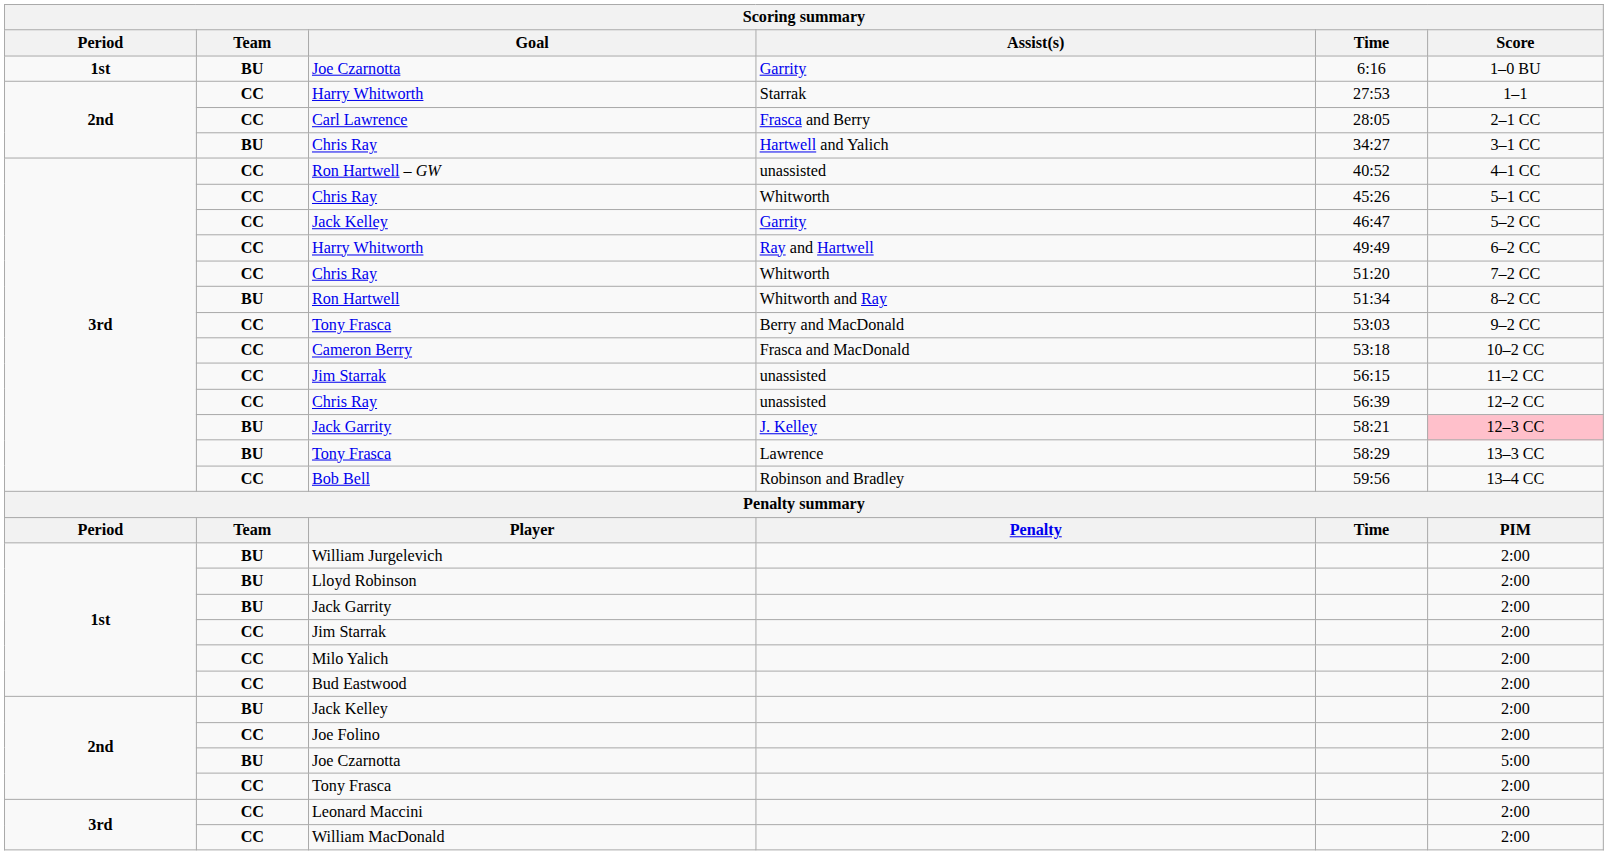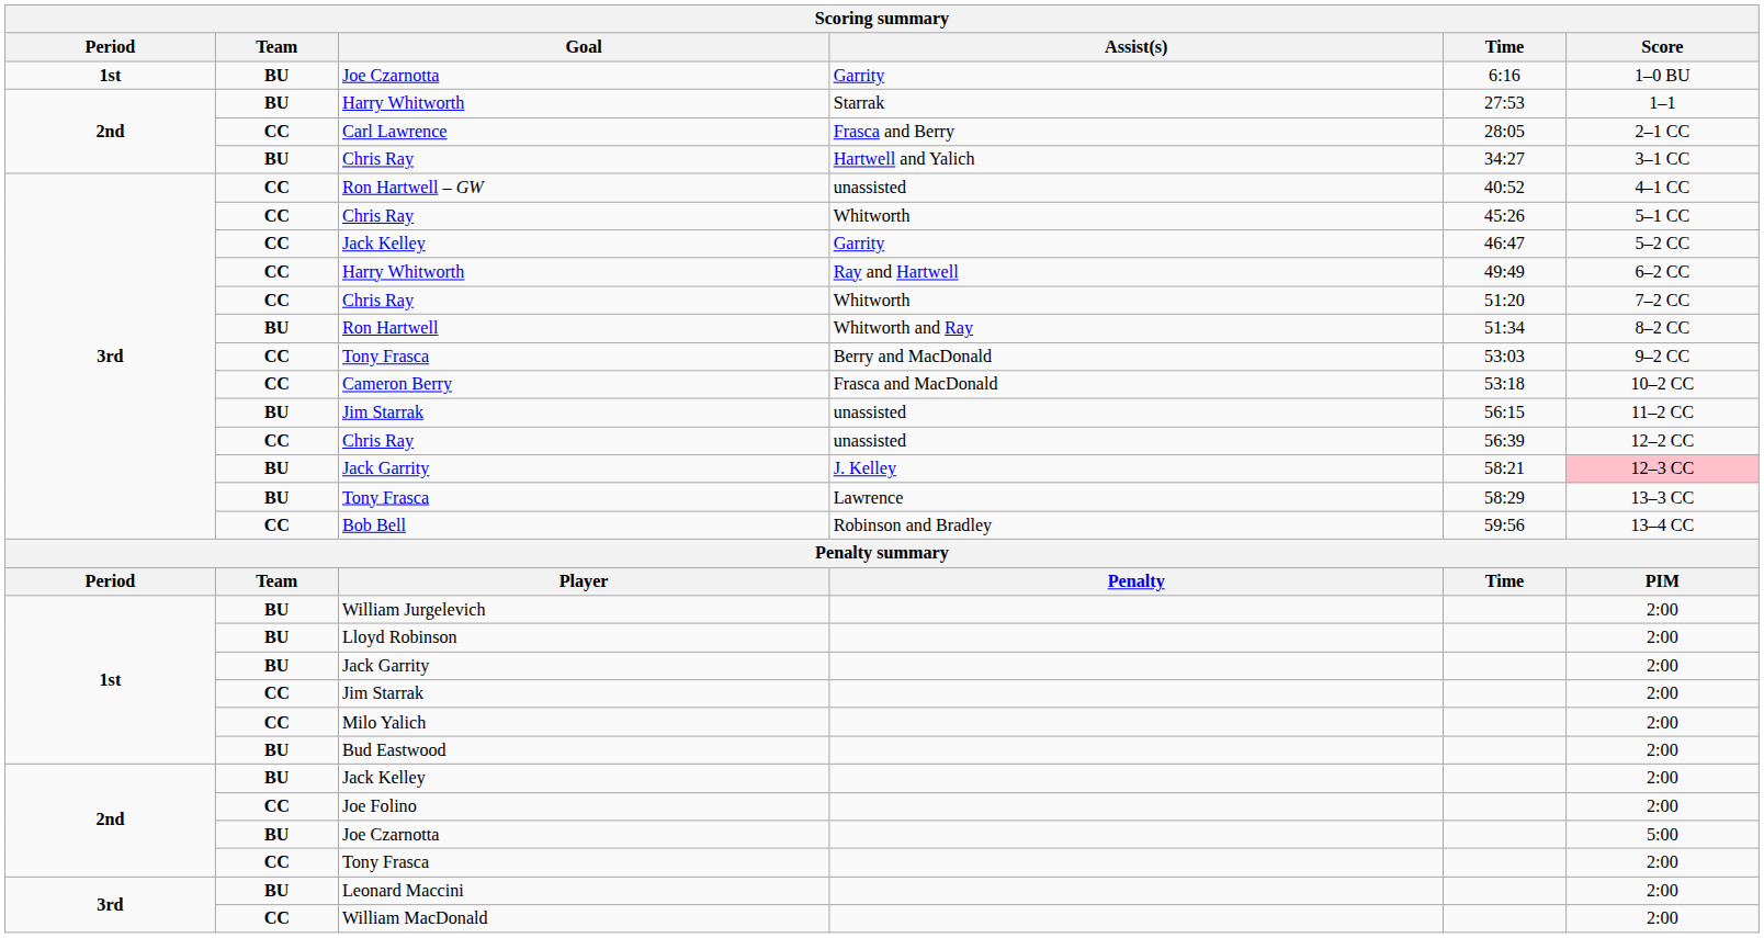 <table style="width:100%;" class="wikitable">
 <tr>
 <th colspan=6>Scoring summary</th>
 </tr>
 <tr>
 <th style="width:12%;">Period</th>
 <th style="width:7%;">Team</th>
 <th style="width:28%;">Goal</th>
 <th style="width:35%;">Assist(s)</th>
 <th style="width:7%;">Time</th>
 <th style="width:11%;">Score</th>
 </tr>
 <tr>
 <td style="text-align:center;" rowspan="1"><strong>1st</strong></td>
 <td align=center><strong>BU</strong></td>
 <td><a href='#'>Joe Czarnotta</a></td>
 <td><a href='#'>Garrity</a></td>
 <td align=center>6:16</td>
 <td align=center>1–0 BU</td>
 </tr>
 <tr>
 <td style="text-align:center;" rowspan="3"><strong>2nd</strong></td>
-<td align=center><strong>CC</strong></td>
+<td align=center><strong>BU</strong></td>
 <td><a href='#'>Harry Whitworth</a></td>
 <td>Starrak</td>
 <td align=center>27:53</td>
 <td align=center>1–1</td>
 </tr>
 <tr>
 <td align=center><strong>CC</strong></td>
 <td><a href='#'>Carl Lawrence</a></td>
 <td><a href='#'>Frasca</a> and Berry</td>
 <td align=center>28:05</td>
 <td align=center>2–1 CC</td>
 </tr>
 <tr>
 <td align=center><strong>BU</strong></td>
 <td><a href='#'>Chris Ray</a></td>
 <td><a href='#'>Hartwell</a> and Yalich</td>
 <td align=center>34:27</td>
 <td align=center>3–1 CC</td>
 </tr>
 <tr>
 <td style="text-align:center;" rowspan="13"><strong>3rd</strong></td>
 <td align=center><strong>CC</strong></td>
 <td><a href='#'>Ron Hartwell</a> – <em>GW</em></td>
 <td>unassisted</td>
 <td align=center>40:52</td>
 <td align=center>4–1 CC</td>
 </tr>
 <tr>
 <td align=center><strong>CC</strong></td>
 <td><a href='#'>Chris Ray</a></td>
 <td>Whitworth</td>
 <td align=center>45:26</td>
 <td align=center>5–1 CC</td>
 </tr>
 <tr>
 <td align=center><strong>CC</strong></td>
 <td><a href='#'>Jack Kelley</a></td>
 <td><a href='#'>Garrity</a></td>
 <td align=center>46:47</td>
 <td align=center>5–2 CC</td>
 </tr>
 <tr>
 <td align=center><strong>CC</strong></td>
 <td><a href='#'>Harry Whitworth</a></td>
 <td><a href='#'>Ray</a> and <a href='#'>Hartwell</a></td>
 <td align=center>49:49</td>
 <td align=center>6–2 CC</td>
 </tr>
 <tr>
 <td align=center><strong>CC</strong></td>
 <td><a href='#'>Chris Ray</a></td>
 <td>Whitworth</td>
 <td align=center>51:20</td>
 <td align=center>7–2 CC</td>
 </tr>
 <tr>
 <td align=center><strong>BU</strong></td>
 <td><a href='#'>Ron Hartwell</a></td>
 <td>Whitworth and <a href='#'>Ray</a></td>
 <td align=center>51:34</td>
 <td align=center>8–2 CC</td>
 </tr>
 <tr>
 <td align=center><strong>CC</strong></td>
 <td><a href='#'>Tony Frasca</a></td>
 <td>Berry and MacDonald</td>
 <td align=center>53:03</td>
 <td align=center>9–2 CC</td>
 </tr>
 <tr>
 <td align=center><strong>CC</strong></td>
 <td><a href='#'>Cameron Berry</a></td>
 <td>Frasca and MacDonald</td>
 <td align=center>53:18</td>
 <td align=center>10–2 CC</td>
 </tr>
 <tr>
-<td align=center><strong>CC</strong></td>
+<td align=center><strong>BU</strong></td>
 <td><a href='#'>Jim Starrak</a></td>
 <td>unassisted</td>
 <td align=center>56:15</td>
 <td align=center>11–2 CC</td>
 </tr>
 <tr>
 <td align=center><strong>CC</strong></td>
 <td><a href='#'>Chris Ray</a></td>
 <td>unassisted</td>
 <td align=center>56:39</td>
 <td align=center>12–2 CC</td>
 </tr>
 <tr>
 <td align=center><strong>BU</strong></td>
 <td><a href='#'>Jack Garrity</a></td>
 <td><a href='#'>J. Kelley</a></td>
 <td align=center>58:21</td>
 <td align=center style="background: pink;">12–3 CC</td>
 </tr>
 <tr>
 <td align=center><strong>BU</strong></td>
 <td><a href='#'>Tony Frasca</a></td>
 <td>Lawrence</td>
 <td align=center>58:29</td>
 <td align=center>13–3 CC</td>
 </tr>
 <tr>
 <td align=center><strong>CC</strong></td>
 <td><a href='#'>Bob Bell</a></td>
 <td>Robinson and Bradley</td>
 <td align=center>59:56</td>
 <td align=center>13–4 CC</td>
 </tr>
 <tr>
 <th colspan=6>Penalty summary</th>
 </tr>
 <tr>
 <th style="width:12%;">Period</th>
 <th style="width:7%;">Team</th>
 <th style="width:28%;">Player</th>
 <th style="width:35%;"><a href='#'>Penalty</a></th>
 <th style="width:7%;">Time</th>
 <th style="width:11%;">PIM</th>
 </tr>
 <tr>
 <td style="text-align:center;" rowspan="6"><strong>1st</strong></td>
 <td align=center><strong>BU</strong></td>
 <td>William Jurgelevich</td>
 <td></td>
 <td align=center></td>
 <td align=center>2:00</td>
 </tr>
 <tr>
 <td align=center><strong>BU</strong></td>
 <td>Lloyd Robinson</td>
 <td></td>
 <td align=center></td>
 <td align=center>2:00</td>
 </tr>
 <tr>
 <td align=center><strong>BU</strong></td>
 <td>Jack Garrity</td>
 <td></td>
 <td align=center></td>
 <td align=center>2:00</td>
 </tr>
 <tr>
 <td align=center><strong>CC</strong></td>
 <td>Jim Starrak</td>
 <td></td>
 <td align=center></td>
 <td align=center>2:00</td>
 </tr>
 <tr>
 <td align=center><strong>CC</strong></td>
 <td>Milo Yalich</td>
 <td></td>
 <td align=center></td>
 <td align=center>2:00</td>
 </tr>
 <tr>
-<td align=center><strong>CC</strong></td>
+<td align=center><strong>BU</strong></td>
 <td>Bud Eastwood</td>
 <td></td>
 <td align=center></td>
 <td align=center>2:00</td>
 </tr>
 <tr>
 <td style="text-align:center;" rowspan="4"><strong>2nd</strong></td>
 <td align=center><strong>BU</strong></td>
 <td>Jack Kelley</td>
 <td></td>
 <td align=center></td>
 <td align=center>2:00</td>
 </tr>
 <tr>
 <td align=center><strong>CC</strong></td>
 <td>Joe Folino</td>
 <td></td>
 <td align=center></td>
 <td align=center>2:00</td>
 </tr>
 <tr>
 <td align=center><strong>BU</strong></td>
 <td>Joe Czarnotta</td>
 <td></td>
 <td align=center></td>
 <td align=center>5:00</td>
 </tr>
 <tr>
 <td align=center><strong>CC</strong></td>
 <td>Tony Frasca</td>
 <td></td>
 <td align=center></td>
 <td align=center>2:00</td>
 </tr>
 <tr>
 <td style="text-align:center;" rowspan="2"><strong>3rd</strong></td>
-<td align=center><strong>CC</strong></td>
+<td align=center><strong>BU</strong></td>
 <td>Leonard Maccini</td>
 <td></td>
 <td align=center></td>
 <td align=center>2:00</td>
 </tr>
 <tr>
 <td align=center><strong>CC</strong></td>
 <td>William MacDonald</td>
 <td></td>
 <td align=center></td>
 <td align=center>2:00</td>
 </tr>
 </table>
